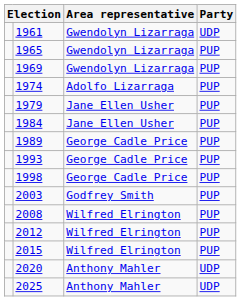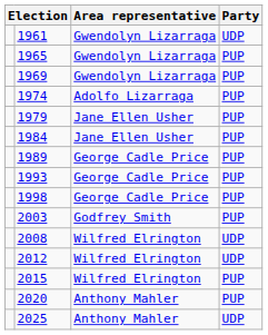 <table class="wikitable">
 <tr>
 <th colspan="2">Election</th>
 <th>Area representative</th>
 <th>Party</th>
 </tr>
 <tr>
 <td style="background-color: "></td>
 <td><a href='#'>1961</a></td>
 <td><a href='#'>Gwendolyn Lizarraga</a></td>
 <td><a href='#'>UDP</a></td>
 </tr>
 <tr>
 <td style="background-color: "></td>
 <td><a href='#'>1965</a></td>
 <td><a href='#'>Gwendolyn Lizarraga</a></td>
 <td><a href='#'>PUP</a></td>
 </tr>
 <tr>
 <td style="background-color: "></td>
 <td><a href='#'>1969</a></td>
 <td><a href='#'>Gwendolyn Lizarraga</a></td>
 <td><a href='#'>PUP</a></td>
 </tr>
 <tr>
 <td style="background-color: "></td>
 <td><a href='#'>1974</a></td>
 <td><a href='#'>Adolfo Lizarraga</a></td>
 <td><a href='#'>PUP</a></td>
 </tr>
 <tr>
 <td style="background-color: "></td>
 <td><a href='#'>1979</a></td>
 <td><a href='#'>Jane Ellen Usher</a></td>
 <td><a href='#'>PUP</a></td>
 </tr>
 <tr>
 <td style="background-color: "></td>
 <td><a href='#'>1984</a></td>
 <td><a href='#'>Jane Ellen Usher</a></td>
 <td><a href='#'>PUP</a></td>
 </tr>
 <tr>
 <td style="background-color: "></td>
 <td><a href='#'>1989</a></td>
 <td><a href='#'>George Cadle Price</a></td>
 <td><a href='#'>PUP</a></td>
 </tr>
 <tr>
 <td style="background-color: "></td>
 <td><a href='#'>1993</a></td>
 <td><a href='#'>George Cadle Price</a></td>
 <td><a href='#'>PUP</a></td>
 </tr>
 <tr>
 <td style="background-color: "></td>
 <td><a href='#'>1998</a></td>
 <td><a href='#'>George Cadle Price</a></td>
 <td><a href='#'>PUP</a></td>
 </tr>
 <tr>
 <td style="background-color: "></td>
 <td><a href='#'>2003</a></td>
 <td><a href='#'>Godfrey Smith</a></td>
 <td><a href='#'>PUP</a></td>
 </tr>
 <tr>
 <td style="background-color: "></td>
 <td><a href='#'>2008</a></td>
 <td><a href='#'>Wilfred Elrington</a></td>
-<td><a href='#'>PUP</a></td>
+<td><a href='#'>UDP</a></td>
 </tr>
 <tr>
 <td style="background-color: "></td>
 <td><a href='#'>2012</a></td>
 <td><a href='#'>Wilfred Elrington</a></td>
-<td><a href='#'>PUP</a></td>
+<td><a href='#'>UDP</a></td>
 </tr>
 <tr>
 <td style="background-color: "></td>
 <td><a href='#'>2015</a></td>
 <td><a href='#'>Wilfred Elrington</a></td>
 <td><a href='#'>PUP</a></td>
 </tr>
 <tr>
 <td style="background-color: "></td>
 <td><a href='#'>2020</a></td>
 <td><a href='#'>Anthony Mahler</a></td>
-<td><a href='#'>UDP</a></td>
+<td><a href='#'>PUP</a></td>
 </tr>
 <tr>
 <td style="background-color: "></td>
 <td><a href='#'>2025</a></td>
 <td><a href='#'>Anthony Mahler</a></td>
 <td><a href='#'>UDP</a></td>
 </tr>
 </table>
